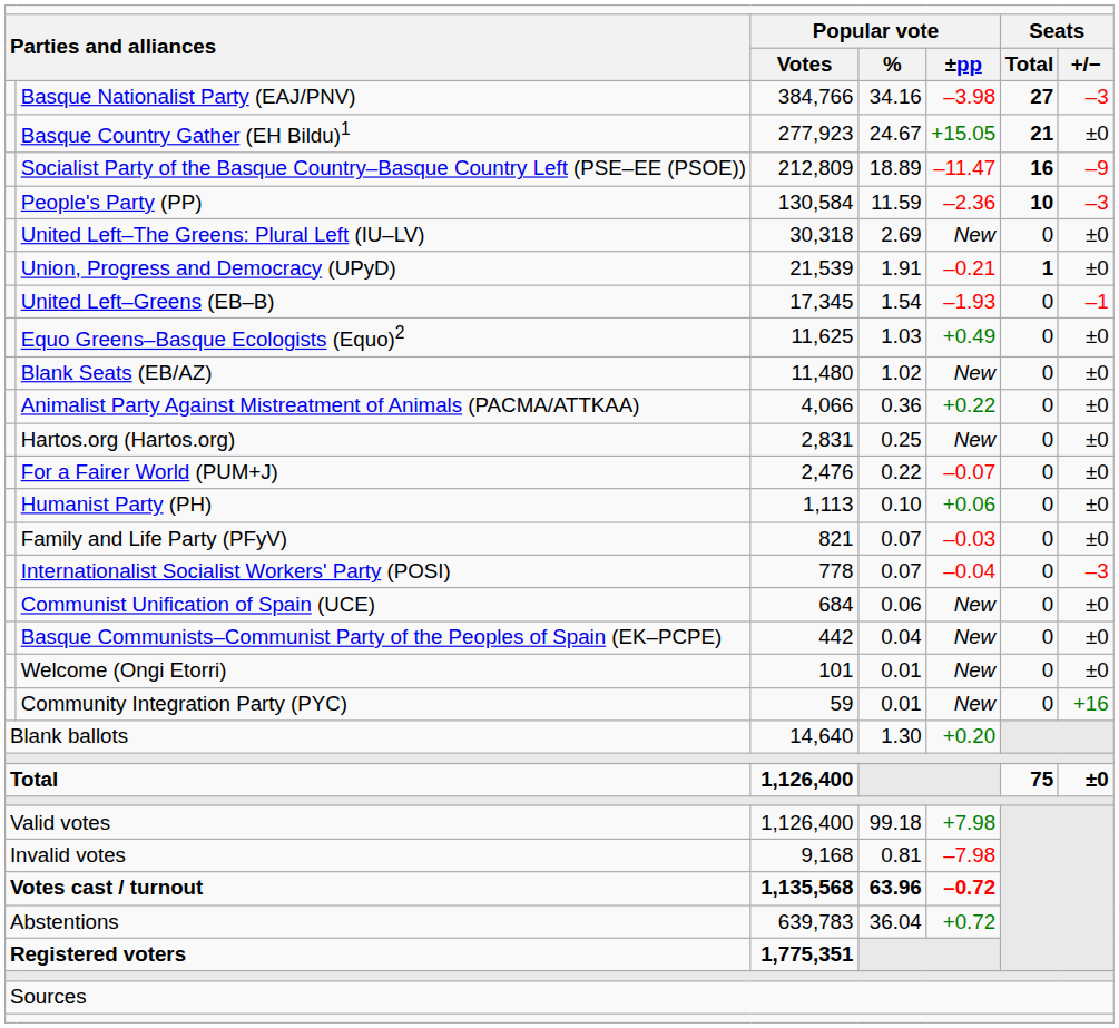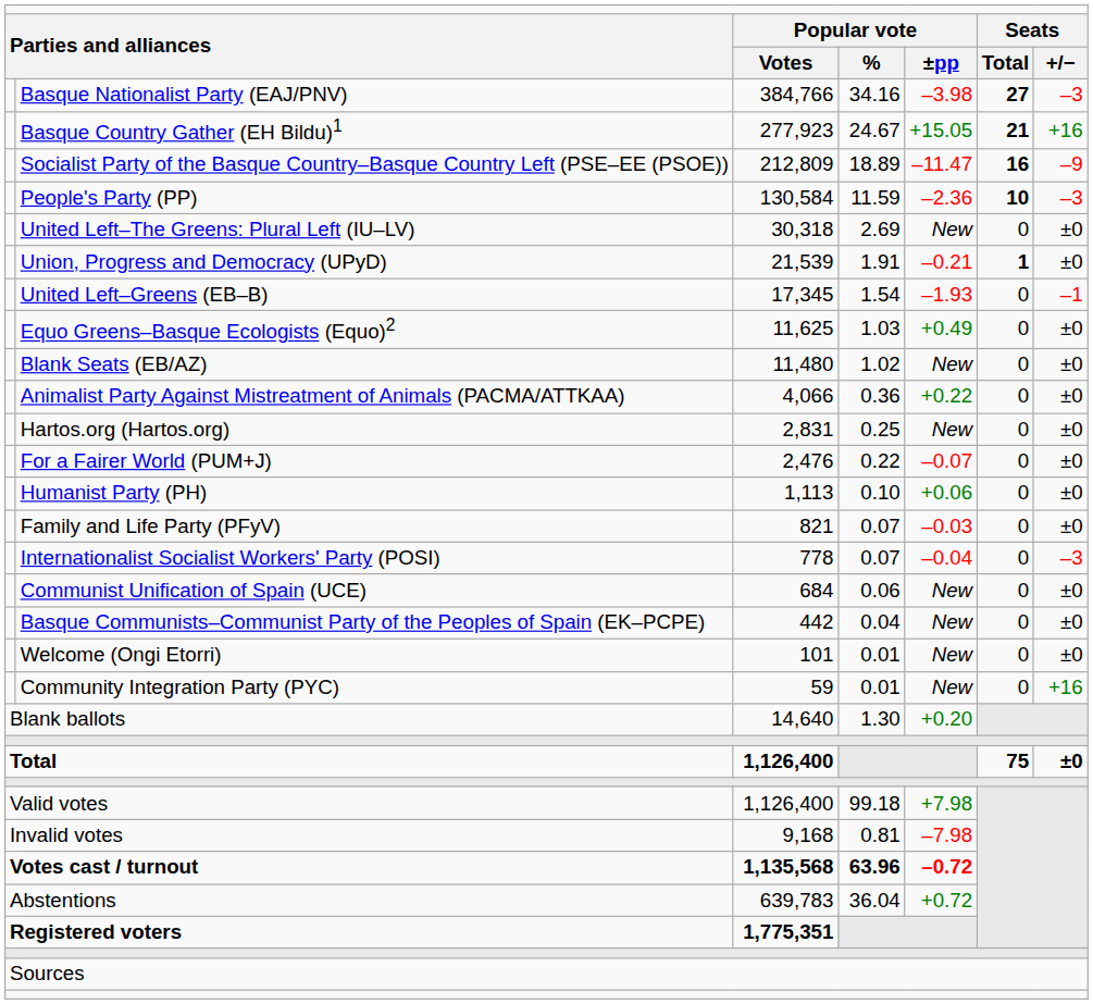 <table class="wikitable" style="text-align:right;">
 <tr>
 <td colspan="7"></td>
 </tr>
 <tr>
 <th style="text-align:left;" rowspan="2" colspan="2" width="525">Parties and alliances</th>
 <th colspan="3">Popular vote</th>
 <th colspan="2">Seats</th>
 </tr>
 <tr>
 <th width="75">Votes</th>
 <th width="45">%</th>
 <th width="45">±<a href='#'>pp</a></th>
 <th width="35">Total</th>
 <th width="35">+/−</th>
 </tr>
 <tr>
 <td width="1" style="color:inherit;background:"></td>
 <td align="left"><a href='#'>Basque Nationalist Party</a> (EAJ/PNV)</td>
 <td>384,766</td>
 <td>34.16</td>
 <td style="color:red;">–3.98</td>
 <td><strong>27</strong></td>
 <td style="color:red;">–3</td>
 </tr>
 <tr>
 <td style="color:inherit;background:"></td>
 <td align="left"><a href='#'>Basque Country Gather</a> (EH Bildu)<sup>1</sup></td>
 <td>277,923</td>
 <td>24.67</td>
 <td style="color:green;">+15.05</td>
 <td><strong>21</strong></td>
-<td>±0</td>
+<td style="color:green;">+16</td>
 </tr>
 <tr>
 <td style="color:inherit;background:"></td>
 <td align="left"><a href='#'>Socialist Party of the Basque Country–Basque Country Left</a> (PSE–EE (PSOE))</td>
 <td>212,809</td>
 <td>18.89</td>
 <td style="color:red;">–11.47</td>
 <td><strong>16</strong></td>
 <td style="color:red;">–9</td>
 </tr>
 <tr>
 <td style="color:inherit;background:"></td>
 <td align="left"><a href='#'>People's Party</a> (PP)</td>
 <td>130,584</td>
 <td>11.59</td>
 <td style="color:red;">–2.36</td>
 <td><strong>10</strong></td>
 <td style="color:red;">–3</td>
 </tr>
 <tr>
 <td style="color:inherit;background:"></td>
 <td align="left"><a href='#'>United Left–The Greens: Plural Left</a> (IU–LV)</td>
 <td>30,318</td>
 <td>2.69</td>
 <td><em>New</em></td>
 <td>0</td>
 <td>±0</td>
 </tr>
 <tr>
 <td style="color:inherit;background:"></td>
 <td align="left"><a href='#'>Union, Progress and Democracy</a> (UPyD)</td>
 <td>21,539</td>
 <td>1.91</td>
 <td style="color:red;">–0.21</td>
 <td><strong>1</strong></td>
 <td>±0</td>
 </tr>
 <tr>
 <td style="color:inherit;background:"></td>
 <td align="left"><a href='#'>United Left–Greens</a> (EB–B)</td>
 <td>17,345</td>
 <td>1.54</td>
 <td style="color:red;">–1.93</td>
 <td>0</td>
 <td style="color:red;">–1</td>
 </tr>
 <tr>
 <td style="color:inherit;background:"></td>
 <td align="left"><a href='#'>Equo Greens–Basque Ecologists</a> (Equo)<sup>2</sup></td>
 <td>11,625</td>
 <td>1.03</td>
 <td style="color:green;">+0.49</td>
 <td>0</td>
 <td>±0</td>
 </tr>
 <tr>
 <td style="color:inherit;background:"></td>
 <td align="left"><a href='#'>Blank Seats</a> (EB/AZ)</td>
 <td>11,480</td>
 <td>1.02</td>
 <td><em>New</em></td>
 <td>0</td>
 <td>±0</td>
 </tr>
 <tr>
 <td style="color:inherit;background:"></td>
 <td align="left"><a href='#'>Animalist Party Against Mistreatment of Animals</a> (PACMA/ATTKAA)</td>
 <td>4,066</td>
 <td>0.36</td>
 <td style="color:green;">+0.22</td>
 <td>0</td>
 <td>±0</td>
 </tr>
 <tr>
 <td style="color:inherit;background:"></td>
 <td align="left">Hartos.org (Hartos.org)</td>
 <td>2,831</td>
 <td>0.25</td>
 <td><em>New</em></td>
 <td>0</td>
 <td>±0</td>
 </tr>
 <tr>
 <td style="color:inherit;background:"></td>
 <td align="left"><a href='#'>For a Fairer World</a> (PUM+J)</td>
 <td>2,476</td>
 <td>0.22</td>
 <td style="color:red;">–0.07</td>
 <td>0</td>
 <td>±0</td>
 </tr>
 <tr>
 <td style="color:inherit;background:"></td>
 <td align="left"><a href='#'>Humanist Party</a> (PH)</td>
 <td>1,113</td>
 <td>0.10</td>
 <td style="color:green;">+0.06</td>
 <td>0</td>
 <td>±0</td>
 </tr>
 <tr>
 <td style="color:inherit;background:"></td>
 <td align="left">Family and Life Party (PFyV)</td>
 <td>821</td>
 <td>0.07</td>
 <td style="color:red;">–0.03</td>
 <td>0</td>
 <td>±0</td>
 </tr>
 <tr>
 <td style="color:inherit;background:"></td>
 <td align="left"><a href='#'>Internationalist Socialist Workers' Party</a> (POSI)</td>
 <td>778</td>
 <td>0.07</td>
 <td style="color:red;">–0.04</td>
 <td>0</td>
 <td style="color:red;">–3</td>
 </tr>
 <tr>
 <td style="color:inherit;background:"></td>
 <td align="left"><a href='#'>Communist Unification of Spain</a> (UCE)</td>
 <td>684</td>
 <td>0.06</td>
 <td><em>New</em></td>
 <td>0</td>
 <td>±0</td>
 </tr>
 <tr>
 <td style="color:inherit;background:"></td>
 <td align="left"><a href='#'>Basque Communists–Communist Party of the Peoples of Spain</a> (EK–PCPE)</td>
 <td>442</td>
 <td>0.04</td>
 <td><em>New</em></td>
 <td>0</td>
 <td>±0</td>
 </tr>
 <tr>
 <td style="color:inherit;background:"></td>
 <td align="left">Welcome (Ongi Etorri)</td>
 <td>101</td>
 <td>0.01</td>
 <td><em>New</em></td>
 <td>0</td>
 <td>±0</td>
 </tr>
 <tr>
 <td style="color:inherit;background:"></td>
 <td align="left">Community Integration Party (PYC)</td>
 <td>59</td>
 <td>0.01</td>
 <td><em>New</em></td>
 <td>0</td>
 <td style="color:green;">+16</td>
 </tr>
 <tr>
 <td align="left" colspan="2">Blank ballots</td>
 <td>14,640</td>
 <td>1.30</td>
 <td style="color:green;">+0.20</td>
 <td bgcolor="#E9E9E9" colspan="2"></td>
 </tr>
 <tr>
 <td colspan="7" bgcolor="#E9E9E9"></td>
 </tr>
 <tr style="font-weight:bold;">
 <td align="left" colspan="2">Total</td>
 <td>1,126,400</td>
 <td bgcolor="#E9E9E9" colspan="2"></td>
 <td>75</td>
 <td>±0</td>
 </tr>
 <tr>
 <td colspan="7" bgcolor="#E9E9E9"></td>
 </tr>
 <tr>
 <td align="left" colspan="2">Valid votes</td>
 <td>1,126,400</td>
 <td>99.18</td>
 <td style="color:green;">+7.98</td>
 <td bgcolor="#E9E9E9" colspan="2" rowspan="5"></td>
 </tr>
 <tr>
 <td align="left" colspan="2">Invalid votes</td>
 <td>9,168</td>
 <td>0.81</td>
 <td style="color:red;">–7.98</td>
 </tr>
 <tr style="font-weight:bold;">
 <td align="left" colspan="2">Votes cast / turnout</td>
 <td>1,135,568</td>
 <td>63.96</td>
 <td style="color:red;">–0.72</td>
 </tr>
 <tr>
 <td align="left" colspan="2">Abstentions</td>
 <td>639,783</td>
 <td>36.04</td>
 <td style="color:green;">+0.72</td>
 </tr>
 <tr style="font-weight:bold;">
 <td align="left" colspan="2">Registered voters</td>
 <td>1,775,351</td>
 <td bgcolor="#E9E9E9" colspan="2"></td>
 </tr>
 <tr>
 <td colspan="7" bgcolor="#E9E9E9"></td>
 </tr>
 <tr>
 <td align="left" colspan="7">Sources</td>
 </tr>
 <tr>
 <td colspan="7" style="text-align:left; max-width:790px;"></td>
 </tr>
 </table>
